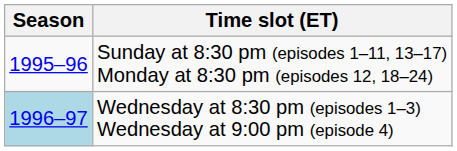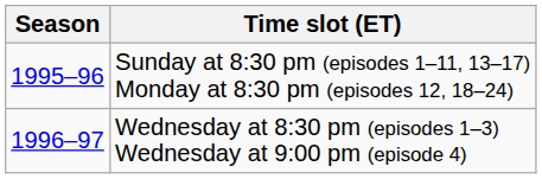 <table class="wikitable">
 <tr>
 <th>Season</th>
 <th>Time slot (ET)</th>
 </tr>
 <tr>
 <td><a href='#'>1995–96</a></td>
 <td>Sunday at 8:30 pm <small>(episodes 1–11, 13–17)</small><br>Monday at 8:30 pm <small>(episodes 12, 18–24)</small></td>
 </tr>
 <tr>
-<td style="background: lightblue;"><a href='#'>1996–97</a></td>
+<td><a href='#'>1996–97</a></td>
 <td>Wednesday at 8:30 pm <small>(episodes 1–3)</small><br>Wednesday at 9:00 pm <small>(episode 4)</small></td>
 </tr>
 </table>
